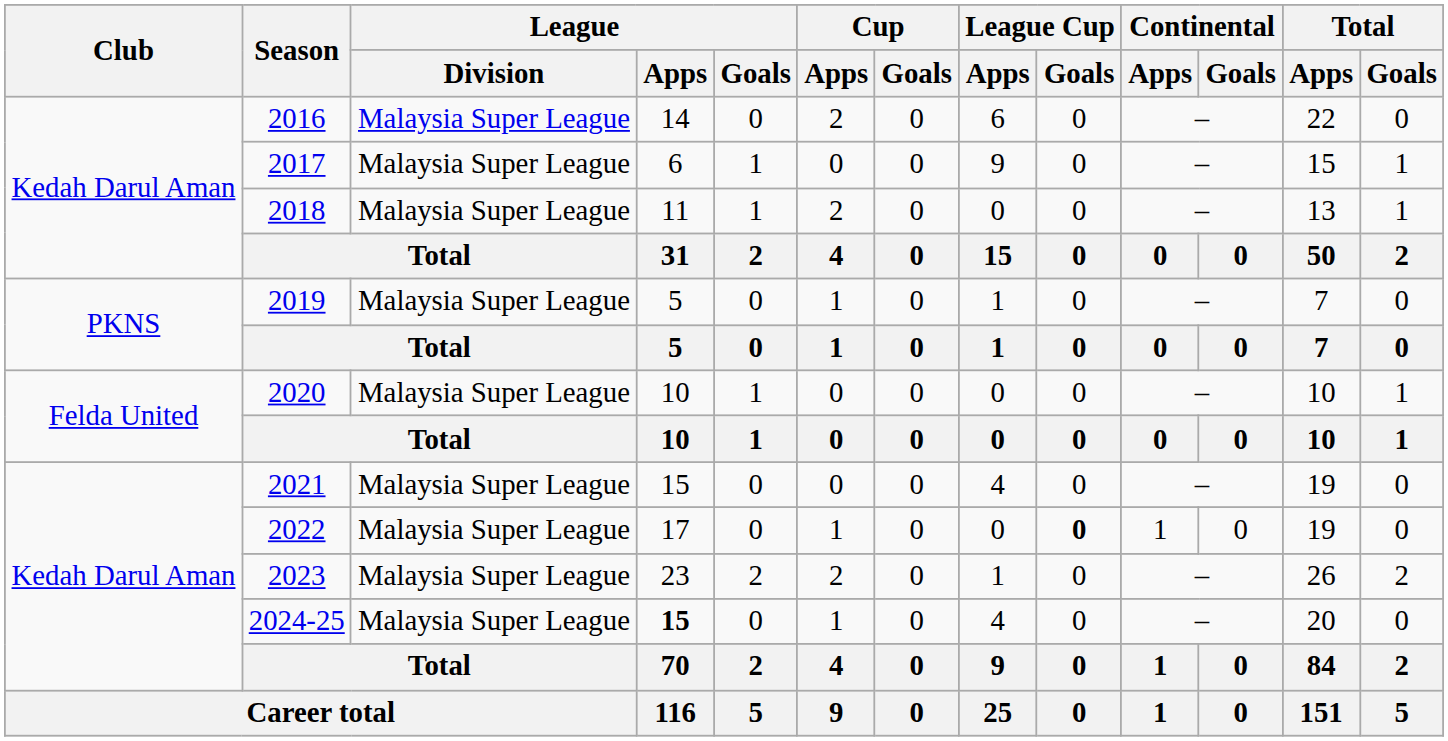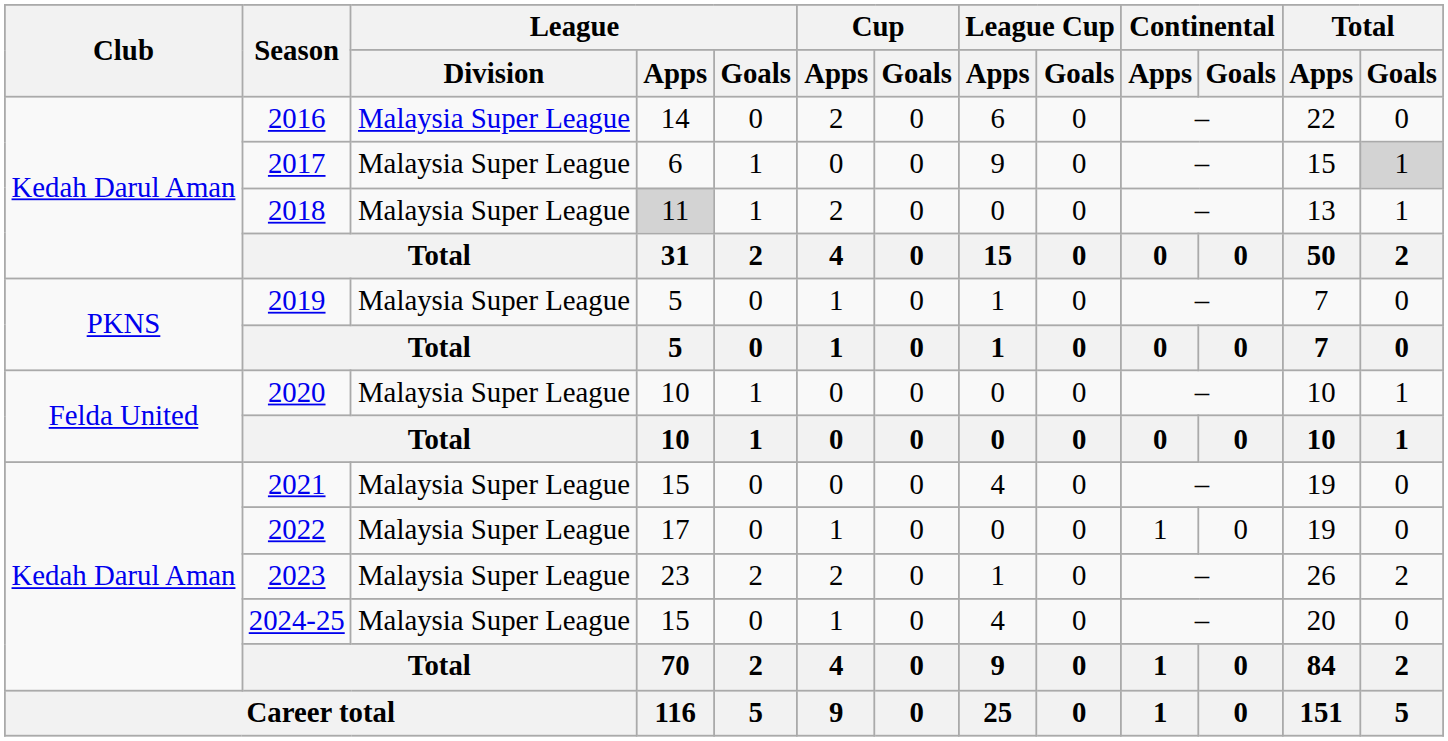 <table class=wikitable style="text-align: center">
 <tr>
 <th rowspan=2>Club</th>
 <th rowspan=2>Season</th>
 <th colspan=3>League</th>
 <th colspan=2>Cup</th>
 <th colspan=2>League Cup</th>
 <th colspan=2>Continental</th>
 <th colspan=2>Total</th>
 </tr>
 <tr>
 <th>Division</th>
 <th>Apps</th>
 <th>Goals</th>
 <th>Apps</th>
 <th>Goals</th>
 <th>Apps</th>
 <th>Goals</th>
 <th>Apps</th>
 <th>Goals</th>
 <th>Apps</th>
 <th>Goals</th>
 </tr>
 <tr>
 <td rowspan="4"><a href='#'>Kedah Darul Aman</a></td>
 <td><a href='#'>2016</a></td>
 <td><a href='#'>Malaysia Super League</a></td>
 <td>14</td>
 <td>0</td>
 <td>2</td>
 <td>0</td>
 <td>6</td>
 <td>0</td>
 <td colspan="2">–</td>
 <td>22</td>
 <td>0</td>
 </tr>
 <tr>
 <td><a href='#'>2017</a></td>
 <td>Malaysia Super League</td>
 <td>6</td>
 <td>1</td>
 <td>0</td>
 <td>0</td>
 <td>9</td>
 <td>0</td>
 <td colspan="2">–</td>
 <td>15</td>
-<td>1</td>
+<td style="background: lightgrey;">1</td>
 </tr>
 <tr>
 <td><a href='#'>2018</a></td>
 <td>Malaysia Super League</td>
-<td>11</td>
+<td style="background: lightgrey;">11</td>
 <td>1</td>
 <td>2</td>
 <td>0</td>
 <td>0</td>
 <td>0</td>
 <td colspan="2">–</td>
 <td>13</td>
 <td>1</td>
 </tr>
 <tr>
 <th colspan=2>Total</th>
 <th>31</th>
 <th>2</th>
 <th>4</th>
 <th>0</th>
 <th>15</th>
 <th>0</th>
 <th>0</th>
 <th>0</th>
 <th>50</th>
 <th>2</th>
 </tr>
 <tr>
 <td rowspan="2"><a href='#'>PKNS</a></td>
 <td><a href='#'>2019</a></td>
 <td>Malaysia Super League</td>
 <td>5</td>
 <td>0</td>
 <td>1</td>
 <td>0</td>
 <td>1</td>
 <td>0</td>
 <td colspan="2">–</td>
 <td>7</td>
 <td>0</td>
 </tr>
 <tr>
 <th colspan=2>Total</th>
 <th>5</th>
 <th>0</th>
 <th>1</th>
 <th>0</th>
 <th>1</th>
 <th>0</th>
 <th>0</th>
 <th>0</th>
 <th>7</th>
 <th>0</th>
 </tr>
 <tr>
 <td rowspan="2"><a href='#'>Felda United</a></td>
 <td><a href='#'>2020</a></td>
 <td>Malaysia Super League</td>
 <td>10</td>
 <td>1</td>
 <td>0</td>
 <td>0</td>
 <td>0</td>
 <td>0</td>
 <td colspan="2">–</td>
 <td>10</td>
 <td>1</td>
 </tr>
 <tr>
 <th colspan=2>Total</th>
 <th>10</th>
 <th>1</th>
 <th>0</th>
 <th>0</th>
 <th>0</th>
 <th>0</th>
 <th>0</th>
 <th>0</th>
 <th>10</th>
 <th>1</th>
 </tr>
 <tr>
 <td rowspan="5"><a href='#'>Kedah Darul Aman</a></td>
 <td><a href='#'>2021</a></td>
 <td>Malaysia Super League</td>
 <td>15</td>
 <td>0</td>
 <td>0</td>
 <td>0</td>
 <td>4</td>
 <td>0</td>
 <td colspan="2">–</td>
 <td>19</td>
 <td>0</td>
 </tr>
 <tr>
 <td><a href='#'>2022</a></td>
 <td>Malaysia Super League</td>
 <td>17</td>
 <td>0</td>
 <td>1</td>
 <td>0</td>
 <td>0</td>
-<td><strong>0</strong></td>
+<td>0</td>
 <td>1</td>
 <td>0</td>
 <td>19</td>
 <td>0</td>
 </tr>
 <tr>
 <td><a href='#'>2023</a></td>
 <td>Malaysia Super League</td>
 <td>23</td>
 <td>2</td>
 <td>2</td>
 <td>0</td>
 <td>1</td>
 <td>0</td>
 <td colspan="2">–</td>
 <td>26</td>
 <td>2</td>
 </tr>
 <tr>
 <td><a href='#'>2024-25</a></td>
 <td>Malaysia Super League</td>
-<td><strong>15</strong></td>
+<td>15</td>
 <td>0</td>
 <td>1</td>
 <td>0</td>
 <td>4</td>
 <td>0</td>
 <td colspan="2">–</td>
 <td>20</td>
 <td>0</td>
 </tr>
 <tr>
 <th colspan=2>Total</th>
 <th>70</th>
 <th>2</th>
 <th>4</th>
 <th>0</th>
 <th>9</th>
 <th>0</th>
 <th>1</th>
 <th>0</th>
 <th>84</th>
 <th>2</th>
 </tr>
 <tr>
 <th colspan=3>Career total</th>
 <th>116</th>
 <th>5</th>
 <th>9</th>
 <th>0</th>
 <th>25</th>
 <th>0</th>
 <th>1</th>
 <th>0</th>
 <th>151</th>
 <th>5</th>
 </tr>
 </table>
